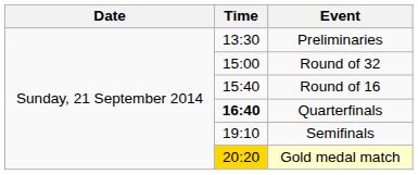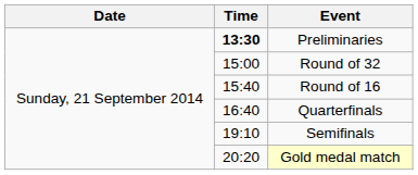 <table class = "wikitable" style="text-align:center;">
 <tr>
 <th width=220>Date</th>
 <th width=50>Time</th>
 <th width=150>Event</th>
 </tr>
 <tr>
 <td rowspan=6>Sunday, 21 September 2014</td>
-<td>13:30</td>
+<td><strong>13:30</strong></td>
 <td>Preliminaries</td>
 </tr>
 <tr>
 <td>15:00</td>
 <td>Round of 32</td>
 </tr>
 <tr>
 <td>15:40</td>
 <td>Round of 16</td>
 </tr>
 <tr>
-<td><strong>16:40</strong></td>
+<td>16:40</td>
 <td>Quarterfinals</td>
 </tr>
 <tr>
 <td>19:10</td>
 <td>Semifinals</td>
 </tr>
 <tr>
-<td style="background: gold;">20:20</td>
+<td>20:20</td>
 <td bgcolor=ffffcc>Gold medal match</td>
 </tr>
 </table>
